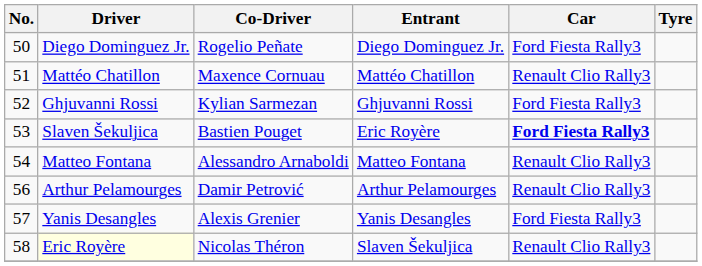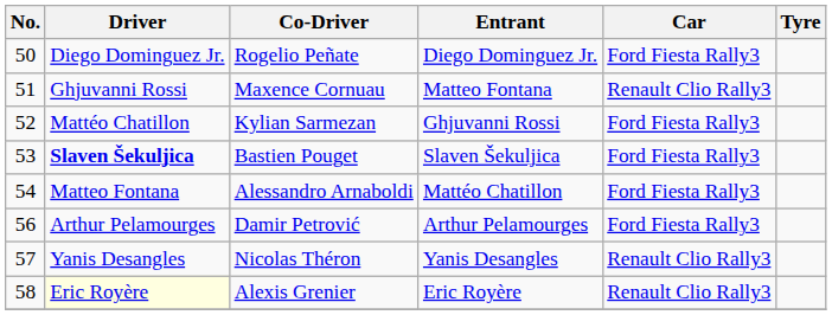 <table class="wikitable" style="font-size: 85%;">
 <tr>
 <th>No.</th>
 <th>Driver</th>
 <th>Co-Driver</th>
 <th>Entrant</th>
 <th>Car</th>
 <th>Tyre</th>
 </tr>
 <tr>
 <td align="center">50</td>
 <td> <a href='#'>Diego Dominguez Jr.</a></td>
 <td> <a href='#'>Rogelio Peñate</a></td>
 <td> <a href='#'>Diego Dominguez Jr.</a></td>
 <td><a href='#'>Ford Fiesta Rally3</a></td>
 <td align="center"></td>
 </tr>
 <tr>
 <td align="center">51</td>
-<td> <a href='#'>Mattéo Chatillon</a></td>
+<td> <a href='#'>Ghjuvanni Rossi</a></td>
 <td> <a href='#'>Maxence Cornuau</a></td>
-<td> <a href='#'>Mattéo Chatillon</a></td>
+<td> <a href='#'>Matteo Fontana</a></td>
 <td><a href='#'>Renault Clio Rally3</a></td>
 <td align="center"></td>
 </tr>
 <tr>
 <td align="center">52</td>
-<td> <a href='#'>Ghjuvanni Rossi</a></td>
+<td> <a href='#'>Mattéo Chatillon</a></td>
 <td> <a href='#'>Kylian Sarmezan</a></td>
 <td> <a href='#'>Ghjuvanni Rossi</a></td>
 <td><a href='#'>Ford Fiesta Rally3</a></td>
 <td align="center"></td>
 </tr>
 <tr>
 <td align="center">53</td>
+<td><strong> <a href='#'>Slaven Šekuljica</a></strong></td>
+<td> <a href='#'>Bastien Pouget</a></td>
 <td> <a href='#'>Slaven Šekuljica</a></td>
-<td> <a href='#'>Bastien Pouget</a></td>
-<td> <a href='#'>Eric Royère</a></td>
-<td><strong><a href='#'>Ford Fiesta Rally3</a></strong></td>
+<td><a href='#'>Ford Fiesta Rally3</a></td>
 <td align="center"></td>
 </tr>
 <tr>
 <td align="center">54</td>
 <td> <a href='#'>Matteo Fontana</a></td>
 <td> <a href='#'>Alessandro Arnaboldi</a></td>
-<td> <a href='#'>Matteo Fontana</a></td>
-<td><a href='#'>Renault Clio Rally3</a></td>
+<td> <a href='#'>Mattéo Chatillon</a></td>
+<td><a href='#'>Ford Fiesta Rally3</a></td>
 <td align="center"></td>
 </tr>
 <tr>
 <td align="center">56</td>
 <td> <a href='#'>Arthur Pelamourges</a></td>
 <td> <a href='#'>Damir Petrović</a></td>
 <td> <a href='#'>Arthur Pelamourges</a></td>
-<td><a href='#'>Renault Clio Rally3</a></td>
+<td><a href='#'>Ford Fiesta Rally3</a></td>
 <td align="center"></td>
 </tr>
 <tr>
 <td align="center">57</td>
 <td> <a href='#'>Yanis Desangles</a></td>
-<td> <a href='#'>Alexis Grenier</a></td>
+<td> <a href='#'>Nicolas Théron</a></td>
 <td> <a href='#'>Yanis Desangles</a></td>
-<td><a href='#'>Ford Fiesta Rally3</a></td>
+<td><a href='#'>Renault Clio Rally3</a></td>
 <td align="center"></td>
 </tr>
 <tr>
 <td align="center">58</td>
 <td style="background: lightyellow;"> <a href='#'>Eric Royère</a></td>
-<td> <a href='#'>Nicolas Théron</a></td>
-<td> <a href='#'>Slaven Šekuljica</a></td>
+<td> <a href='#'>Alexis Grenier</a></td>
+<td> <a href='#'>Eric Royère</a></td>
 <td><a href='#'>Renault Clio Rally3</a></td>
 <td align="center"></td>
 </tr>
 <tr>
 </tr>
 </table>
